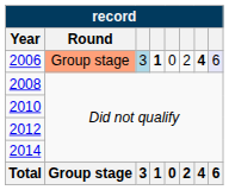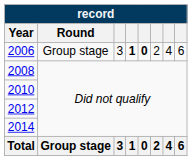 <table class="wikitable" style="text-align: center;font-size:90%;">
 <tr>
 <th colspan="8" style="background:#013A5E; color:#F4F5F8;"><a href='#'></a> record</th>
 </tr>
 <tr>
 <th>Year</th>
 <th>Round</th>
 <th></th>
 <th></th>
 <th></th>
 <th></th>
 <th></th>
 <th></th>
 </tr>
 <tr>
 <td> <a href='#'>2006</a></td>
-<td style="background: lightsalmon;">Group stage</td>
-<td style="background: lightblue;">3</td>
+<td>Group stage</td>
+<td>3</td>
 <td><strong>1</strong></td>
-<td>0</td>
+<td><strong>0</strong></td>
 <td>2</td>
-<td><strong>4</strong></td>
-<td style="background: lavender;">6</td>
+<td>4</td>
+<td>6</td>
 </tr>
 <tr>
 <td> <a href='#'>2008</a></td>
 <td rowspan=4 colspan=7><em>Did not qualify</em></td>
 </tr>
 <tr>
 <td> <a href='#'>2010</a></td>
 </tr>
 <tr>
 <td> <a href='#'>2012</a></td>
 </tr>
 <tr>
 <td> <a href='#'>2014</a></td>
 </tr>
 <tr>
 <th><strong>Total</strong></th>
 <th>Group stage</th>
 <th>3</th>
 <th>1</th>
 <th>0</th>
 <th>2</th>
 <th>4</th>
 <th>6</th>
 </tr>
 </table>
